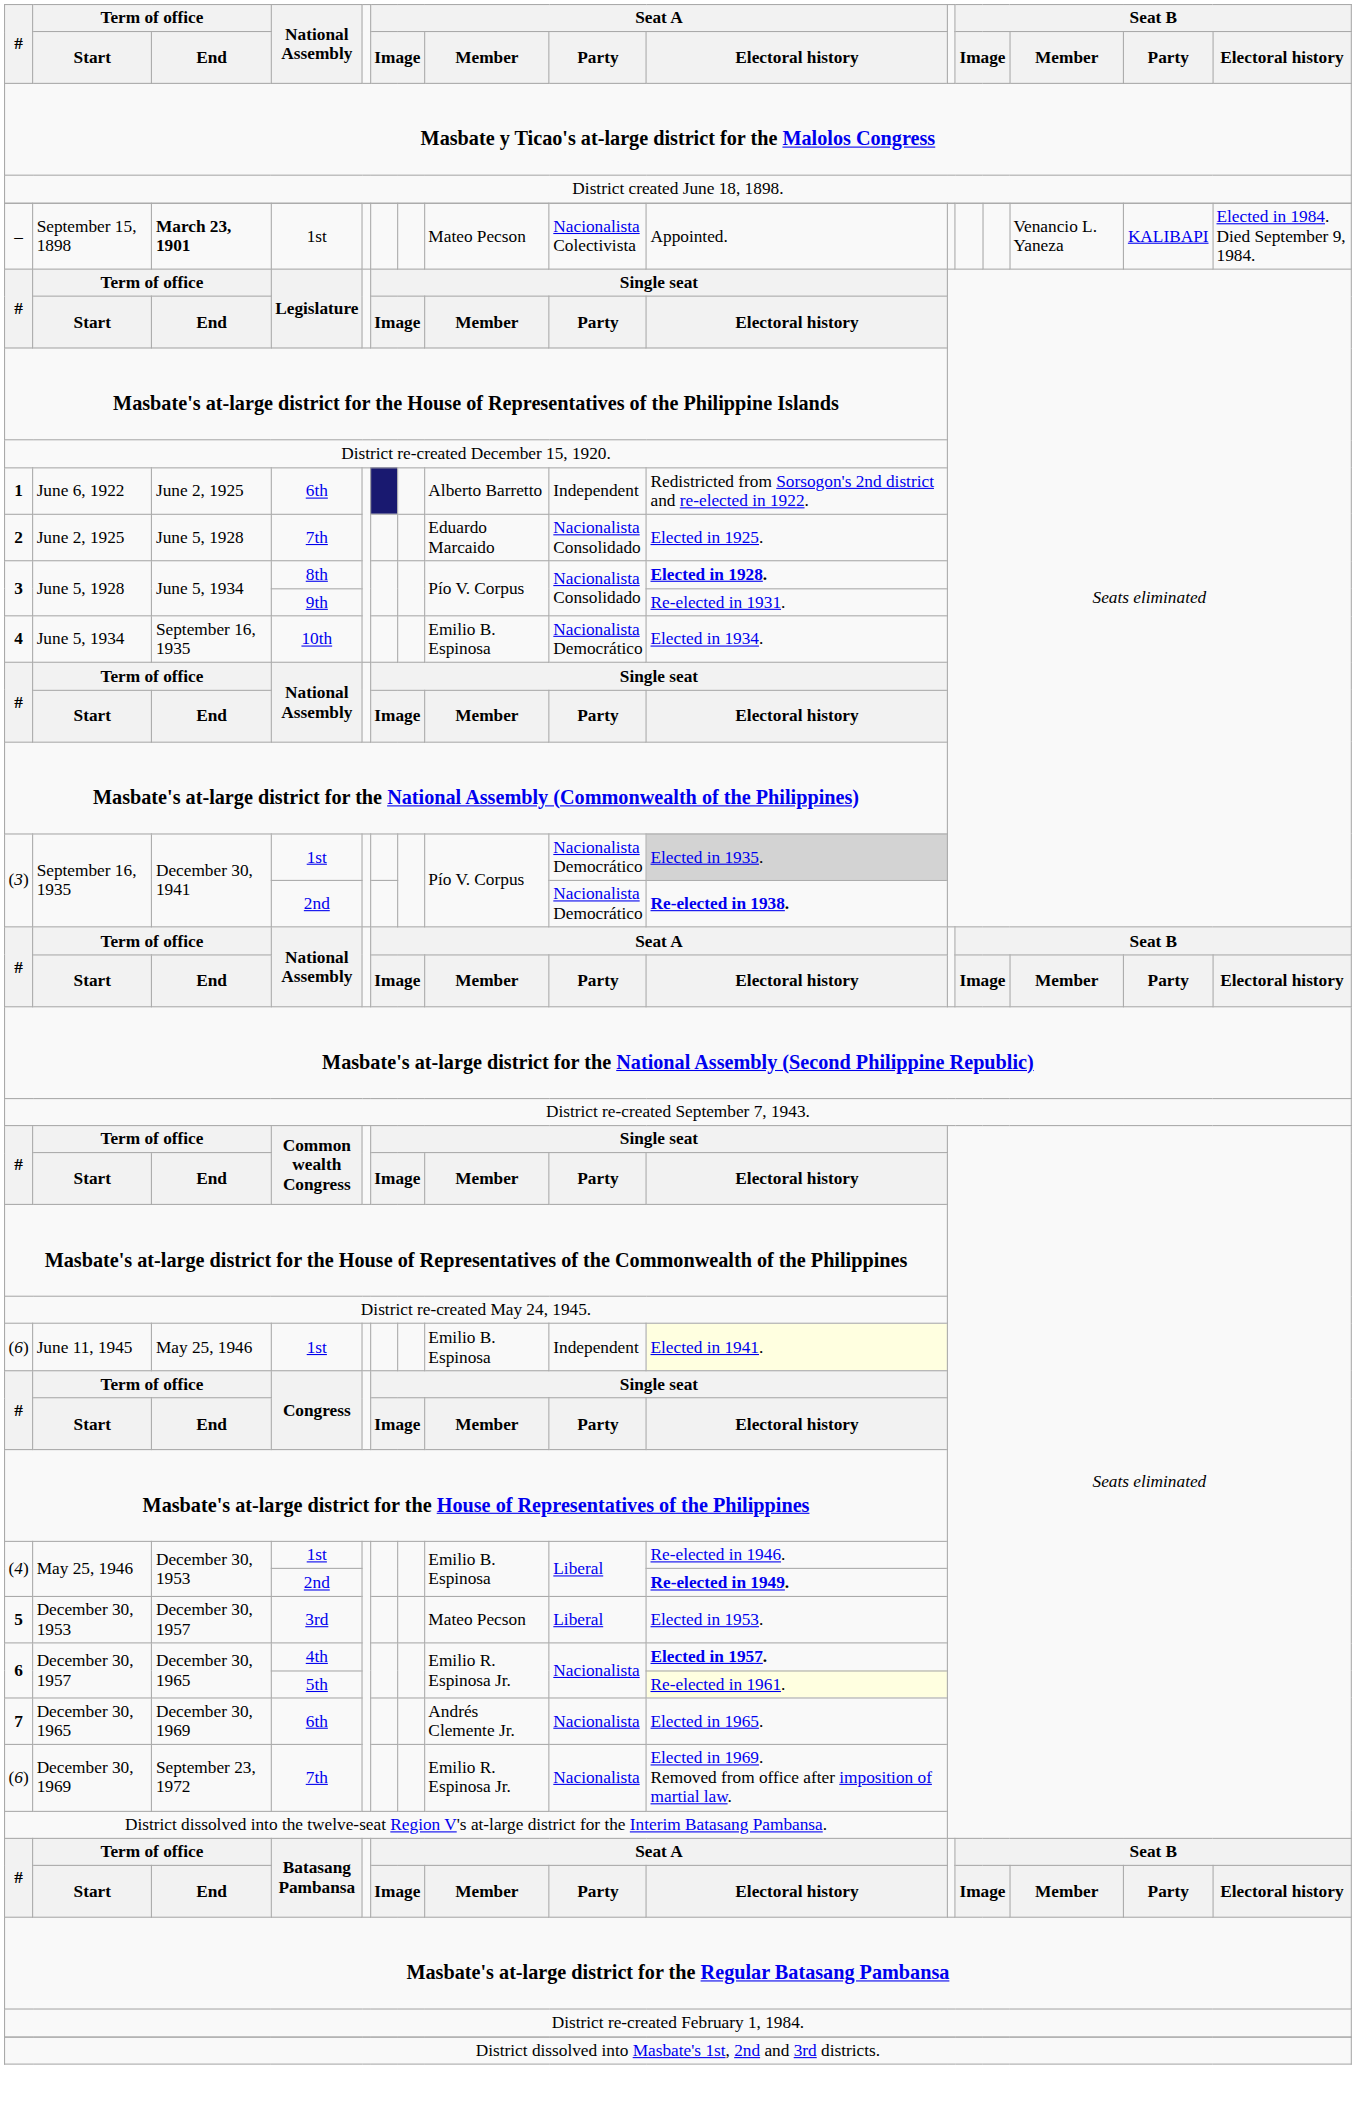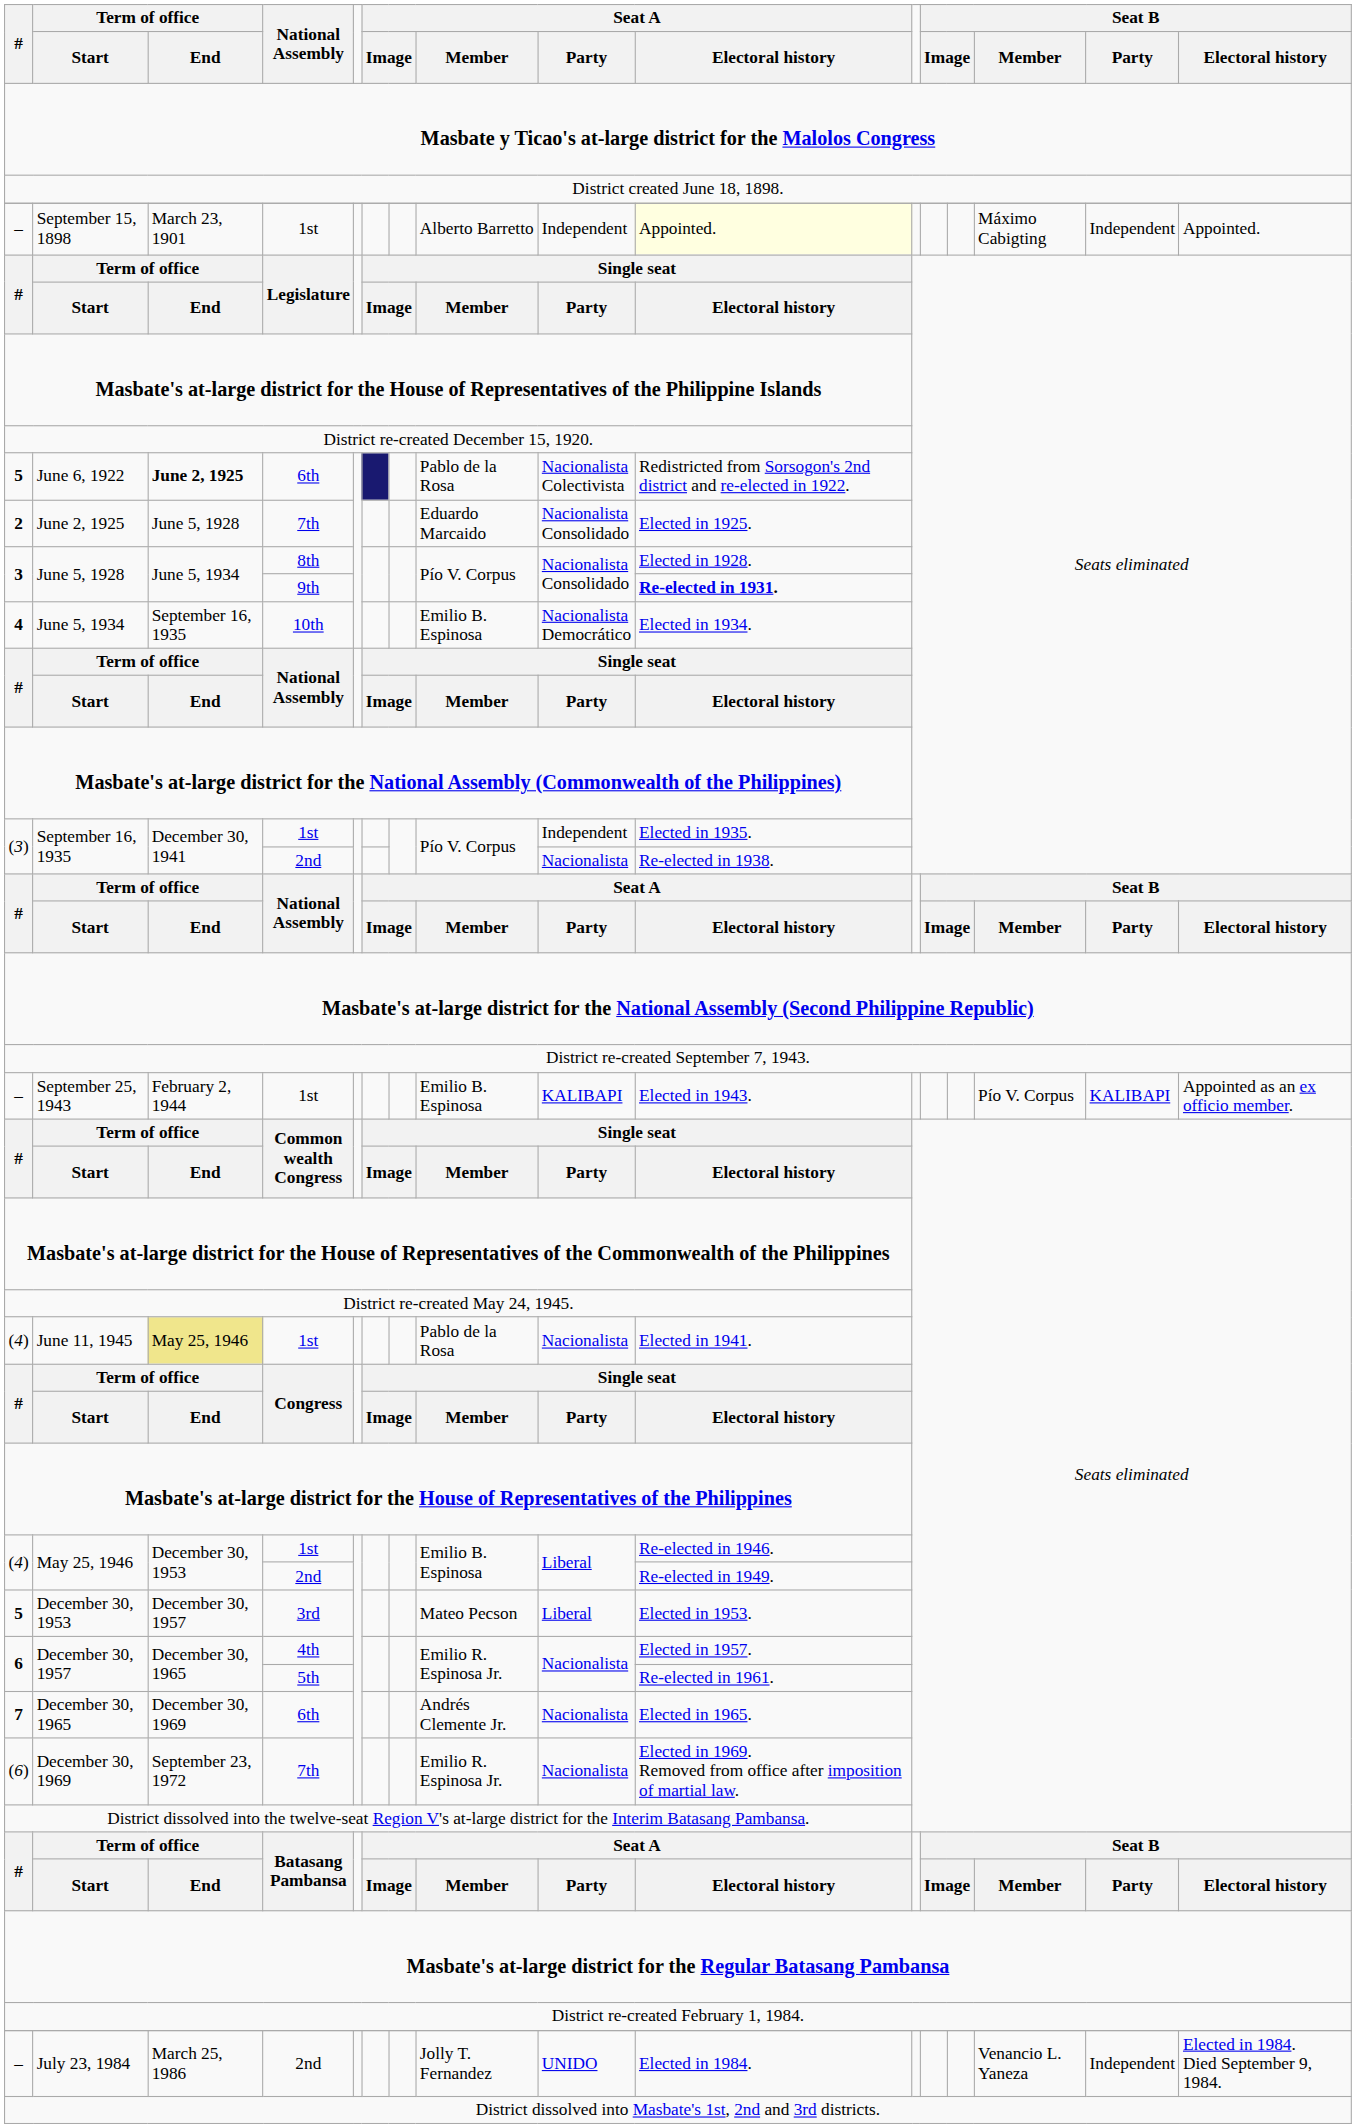 <table class=wikitable>
 <tr>
 <th rowspan=2>#</th>
 <th colspan=2>Term of office</th>
 <th rowspan=2>National<br>Assembly</th>
 <td rowspan=2></td>
 <th colspan=5>Seat A</th>
 <td rowspan=2></td>
 <th colspan=5>Seat B</th>
 </tr>
 <tr style="height:3em">
 <th>Start</th>
 <th>End</th>
 <th colspan="2" style="text-align:center;">Image</th>
 <th>Member</th>
 <th>Party</th>
 <th>Electoral history</th>
 <th colspan="2" style="text-align:center;">Image</th>
 <th>Member</th>
 <th>Party</th>
 <th>Electoral history</th>
 </tr>
 <tr>
 <td colspan="16" style="text-align:center;"><br><h3>Masbate y Ticao's at-large district for the <a href='#'>Malolos Congress</a></h3></td>
 </tr>
 <tr>
 <td colspan="16" style="text-align:center;">District created June 18, 1898.</td>
 </tr>
 <tr>
 </tr>
 <tr style="height:3em">
 <td style="text-align:center;">–</td>
 <td>September 15, 1898</td>
-<td><strong>March 23, 1901</strong></td>
+<td>March 23, 1901</td>
 <td style="text-align:center;">1st</td>
 <td></td>
 <td style="color:inherit;background:"></td>
 <td></td>
-<td>Mateo Pecson</td>
-<td><a href='#'>Nacionalista</a><br>Colectivista</td>
-<td>Appointed.</td>
+<td>Alberto Barretto</td>
+<td>Independent</td>
+<td style="background: lightyellow;">Appointed.</td>
 <td></td>
 <td style="color:inherit;background:"></td>
 <td></td>
-<td>Venancio L. Yaneza</td>
-<td><a href='#'>KALIBAPI</a></td>
-<td><a href='#'>Elected in 1984</a>.<br>Died September 9, 1984.</td>
+<td>Máximo Cabigting</td>
+<td>Independent</td>
+<td>Appointed.</td>
 </tr>
 <tr>
 <th rowspan=2>#</th>
 <th colspan=2>Term of office</th>
 <th rowspan=2>Legislature</th>
 <td rowspan=2></td>
 <th colspan=5>Single seat</th>
 <td rowspan=14 colspan=6 style="text-align:center;"><em>Seats eliminated</em></td>
 </tr>
 <tr style="height:3em">
 <th>Start</th>
 <th>End</th>
 <th colspan="2" style="text-align:center;">Image</th>
 <th>Member</th>
 <th>Party</th>
 <th>Electoral history</th>
 </tr>
 <tr>
 <td colspan="10" style="text-align:center;"><br><h3>Masbate's at-large district for the House of Representatives of the Philippine Islands</h3></td>
 </tr>
 <tr>
 <td colspan="10" style="text-align:center;">District re-created December 15, 1920.</td>
 </tr>
 <tr>
-<td style="text-align:center;"><strong>1</strong></td>
+<td style="text-align:center;"><strong>5</strong></td>
 <td>June 6, 1922</td>
-<td>June 2, 1925</td>
+<td><strong>June 2, 1925</strong></td>
 <td style="text-align:center;"><a href='#'>6th</a></td>
 <td rowspan=5></td>
 <td style="background-color:#191970"></td>
 <td></td>
-<td>Alberto Barretto</td>
-<td>Independent</td>
+<td>Pablo de la Rosa</td>
+<td><a href='#'>Nacionalista</a><br>Colectivista</td>
 <td>Redistricted  from <a href='#'>Sorsogon's 2nd district</a> and <a href='#'>re-elected in 1922</a>.</td>
 </tr>
 <tr>
 <td style="text-align:center;"><strong>2</strong></td>
 <td>June 2, 1925</td>
 <td>June 5, 1928</td>
 <td style="text-align:center;"><a href='#'>7th</a></td>
 <td style="color:inherit;background:"></td>
 <td></td>
 <td>Eduardo Marcaido</td>
 <td><a href='#'>Nacionalista</a><br>Consolidado</td>
 <td><a href='#'>Elected in 1925</a>.</td>
 </tr>
 <tr>
 <td rowspan="2" style="text-align:center;"><strong>3</strong></td>
 <td rowspan="2">June 5, 1928</td>
 <td rowspan="2">June 5, 1934</td>
 <td style="text-align:center;"><a href='#'>8th</a></td>
 <td rowspan="2" style="color:inherit;background:"></td>
 <td rowspan="2"></td>
 <td rowspan="2">Pío V. Corpus</td>
 <td rowspan="2"><a href='#'>Nacionalista</a><br>Consolidado</td>
-<td><strong><a href='#'>Elected in 1928</a>.</strong></td>
+<td><a href='#'>Elected in 1928</a>.</td>
 </tr>
 <tr>
 <td style="text-align:center;"><a href='#'>9th</a></td>
-<td><a href='#'>Re-elected in 1931</a>.</td>
+<td><strong><a href='#'>Re-elected in 1931</a>.</strong></td>
 </tr>
 <tr>
 <td style="text-align:center;"><strong>4</strong></td>
 <td>June 5, 1934</td>
 <td>September 16, 1935</td>
 <td style="text-align:center;"><a href='#'>10th</a></td>
 <td style="color:inherit;background:"></td>
 <td></td>
 <td>Emilio B. Espinosa</td>
 <td><a href='#'>Nacionalista</a><br>Democrático</td>
 <td><a href='#'>Elected in 1934</a>.</td>
 </tr>
 <tr>
 <th rowspan=2>#</th>
 <th colspan=2>Term of office</th>
 <th rowspan=2>National<br>Assembly</th>
 <td rowspan=2></td>
 <th colspan=5>Single seat</th>
 </tr>
 <tr style="height:3em">
 <th>Start</th>
 <th>End</th>
 <th colspan="2" style="text-align:center;">Image</th>
 <th>Member</th>
 <th>Party</th>
 <th>Electoral history</th>
 </tr>
 <tr>
 <td colspan="10" style="text-align:center;"><br><h3>Masbate's at-large district for the <a href='#'>National Assembly (Commonwealth of the Philippines)</a></h3></td>
 </tr>
 <tr>
 <td rowspan="2" style="text-align:center;">(<em>3</em>)</td>
 <td rowspan="2">September 16, 1935</td>
 <td rowspan="2">December 30, 1941</td>
 <td style="text-align:center;"><a href='#'>1st</a></td>
 <td rowspan=2></td>
 <td style="color:inherit;background:"></td>
 <td rowspan="2"></td>
 <td rowspan="2">Pío V. Corpus</td>
-<td><a href='#'>Nacionalista</a><br>Democrático</td>
-<td style="background: lightgrey;"><a href='#'>Elected in 1935</a>.</td>
+<td>Independent</td>
+<td><a href='#'>Elected in 1935</a>.</td>
 </tr>
 <tr>
 <td style="text-align:center;"><a href='#'>2nd</a></td>
 <td style="color:inherit;background:"></td>
-<td><a href='#'>Nacionalista</a><br>Democrático</td>
-<td><strong><a href='#'>Re-elected in 1938</a>.</strong></td>
+<td><a href='#'>Nacionalista</a></td>
+<td><a href='#'>Re-elected in 1938</a>.</td>
 </tr>
 <tr>
 <th rowspan=2>#</th>
 <th colspan=2>Term of office</th>
 <th rowspan=2>National<br>Assembly</th>
 <td rowspan=2></td>
 <th colspan=5>Seat A</th>
 <td rowspan=2></td>
 <th colspan=5>Seat B</th>
 </tr>
 <tr style="height:3em">
 <th>Start</th>
 <th>End</th>
 <th colspan="2" style="text-align:center;">Image</th>
 <th>Member</th>
 <th>Party</th>
 <th>Electoral history</th>
 <th colspan="2" style="text-align:center;">Image</th>
 <th>Member</th>
 <th>Party</th>
 <th>Electoral history</th>
 </tr>
 <tr>
 <td colspan="16" style="text-align:center;"><br><h3>Masbate's at-large district for the <a href='#'>National Assembly (Second Philippine Republic)</a></h3></td>
 </tr>
 <tr>
 <td colspan="16" style="text-align:center;">District re-created September 7, 1943.</td>
 </tr>
 <tr>
+<td style="text-align:center;">–</td>
+<td>September 25, 1943</td>
+<td>February 2, 1944</td>
+<td style="text-align:center;">1st</td>
+<td></td>
+<td style="color:inherit;background:"></td>
+<td></td>
+<td>Emilio B. Espinosa</td>
+<td><a href='#'>KALIBAPI</a></td>
+<td><a href='#'>Elected in 1943</a>.</td>
+<td></td>
+<td style="color:inherit;background:"></td>
+<td></td>
+<td>Pío V. Corpus</td>
+<td><a href='#'>KALIBAPI</a></td>
+<td>Appointed as an <a href='#'>ex officio member</a>.</td>
+</tr>
+<tr>
 <th rowspan=2>#</th>
 <th colspan=2>Term of office</th>
 <th rowspan=2>Common<br>wealth<br>Congress</th>
 <td rowspan=2></td>
 <th colspan=5>Single seat</th>
 <td rowspan=16 colspan=6 style="text-align:center;"><em>Seats eliminated</em></td>
 </tr>
 <tr style="height:3em">
 <th>Start</th>
 <th>End</th>
 <th colspan="2" style="text-align:center;">Image</th>
 <th>Member</th>
 <th>Party</th>
 <th>Electoral history</th>
 </tr>
 <tr>
 <td colspan="10" style="text-align:center;"><br><h3>Masbate's at-large district for the House of Representatives of the Commonwealth of the Philippines</h3></td>
 </tr>
 <tr>
 <td colspan="10" style="text-align:center;">District re-created May 24, 1945.</td>
 </tr>
 <tr>
-<td style="text-align:center;">(<em>6</em>)</td>
+<td style="text-align:center;">(<em>4</em>)</td>
 <td>June 11, 1945</td>
-<td>May 25, 1946</td>
+<td style="background: khaki;">May 25, 1946</td>
 <td style="text-align:center;"><a href='#'>1st</a></td>
 <td></td>
 <td style="color:inherit;background:"></td>
 <td></td>
-<td>Emilio B. Espinosa</td>
-<td>Independent</td>
-<td style="background: lightyellow;"><a href='#'>Elected in 1941</a>.</td>
+<td>Pablo de la Rosa</td>
+<td><a href='#'>Nacionalista</a></td>
+<td><a href='#'>Elected in 1941</a>.</td>
 </tr>
 <tr>
 <th rowspan=2>#</th>
 <th colspan=2>Term of office</th>
 <th rowspan=2>Congress</th>
 <td rowspan=2></td>
 <th colspan=5>Single seat</th>
 </tr>
 <tr style="height:3em">
 <th>Start</th>
 <th>End</th>
 <th colspan="2" style="text-align:center;">Image</th>
 <th>Member</th>
 <th>Party</th>
 <th>Electoral history</th>
 </tr>
 <tr>
 <td colspan="10" style="text-align:center;"><br><h3>Masbate's at-large district for the <a href='#'>House of Representatives of the Philippines</a></h3></td>
 </tr>
 <tr>
 <td rowspan="2" style="text-align:center;">(<em>4</em>)</td>
 <td rowspan="2">May 25, 1946</td>
 <td rowspan="2">December 30, 1953</td>
 <td style="text-align:center;"><a href='#'>1st</a></td>
 <td rowspan=7></td>
 <td rowspan="2" style="color:inherit;background:"></td>
 <td rowspan="2"></td>
 <td rowspan="2">Emilio B. Espinosa</td>
 <td rowspan="2"><a href='#'>Liberal</a></td>
 <td><a href='#'>Re-elected in 1946</a>.</td>
 </tr>
 <tr>
 <td style="text-align:center;"><a href='#'>2nd</a></td>
-<td><strong><a href='#'>Re-elected in 1949</a>.</strong></td>
+<td><a href='#'>Re-elected in 1949</a>.</td>
 </tr>
 <tr>
 <td style="text-align:center;"><strong>5</strong></td>
 <td>December 30, 1953</td>
 <td>December 30, 1957</td>
 <td style="text-align:center;"><a href='#'>3rd</a></td>
 <td style="color:inherit;background:"></td>
 <td></td>
 <td>Mateo Pecson</td>
 <td><a href='#'>Liberal</a></td>
 <td><a href='#'>Elected in 1953</a>.</td>
 </tr>
 <tr>
 <td rowspan="2" style="text-align:center;"><strong>6</strong></td>
 <td rowspan="2">December 30, 1957</td>
 <td rowspan="2">December 30, 1965</td>
 <td style="text-align:center;"><a href='#'>4th</a></td>
 <td rowspan="2" style="color:inherit;background:"></td>
 <td rowspan="2"></td>
 <td rowspan="2">Emilio R. Espinosa Jr.</td>
 <td rowspan="2"><a href='#'>Nacionalista</a></td>
-<td><strong><a href='#'>Elected in 1957</a>.</strong></td>
+<td><a href='#'>Elected in 1957</a>.</td>
 </tr>
 <tr>
 <td style="text-align:center;"><a href='#'>5th</a></td>
-<td style="background: lightyellow;"><a href='#'>Re-elected in 1961</a>.</td>
+<td><a href='#'>Re-elected in 1961</a>.</td>
 </tr>
 <tr>
 <td style="text-align:center;"><strong>7</strong></td>
 <td>December 30, 1965</td>
 <td>December 30, 1969</td>
 <td style="text-align:center;"><a href='#'>6th</a></td>
 <td style="color:inherit;background:"></td>
 <td></td>
 <td>Andrés Clemente Jr.</td>
 <td><a href='#'>Nacionalista</a></td>
 <td><a href='#'>Elected in 1965</a>.</td>
 </tr>
 <tr>
 <td style="text-align:center;">(<em>6</em>)</td>
 <td>December 30, 1969</td>
 <td>September 23, 1972</td>
 <td style="text-align:center;"><a href='#'>7th</a></td>
 <td style="color:inherit;background:"></td>
 <td></td>
 <td>Emilio R. Espinosa Jr.</td>
 <td><a href='#'>Nacionalista</a></td>
 <td><a href='#'>Elected in 1969</a>.<br>Removed from office after <a href='#'>imposition of martial law</a>.</td>
 </tr>
 <tr>
 <td colspan="10" style="text-align:center;">District dissolved into the twelve-seat <a href='#'>Region V</a>'s at-large district for the <a href='#'>Interim Batasang Pambansa</a>.</td>
 </tr>
 <tr>
 <th rowspan=2>#</th>
 <th colspan=2>Term of office</th>
 <th rowspan=2>Batasang<br>Pambansa</th>
 <td rowspan=2></td>
 <th colspan=5>Seat A</th>
 <td rowspan=2></td>
 <th colspan=5>Seat B</th>
 </tr>
 <tr style="height:3em">
 <th>Start</th>
 <th>End</th>
 <th colspan="2" style="text-align:center;">Image</th>
 <th>Member</th>
 <th>Party</th>
 <th>Electoral history</th>
 <th colspan="2" style="text-align:center;">Image</th>
 <th>Member</th>
 <th>Party</th>
 <th>Electoral history</th>
 </tr>
 <tr>
 <td colspan="16" style="text-align:center;"><br><h3>Masbate's at-large district for the <a href='#'>Regular Batasang Pambansa</a></h3></td>
 </tr>
 <tr>
 <td colspan="16" style="text-align:center;">District re-created February 1, 1984.</td>
 </tr>
 <tr>
 </tr>
+<tr style="height:3em">
+<td style="text-align:center;">–</td>
+<td>July 23, 1984</td>
+<td>March 25, 1986</td>
+<td style="text-align:center;">2nd</td>
+<td></td>
+<td style="color:inherit;background:"></td>
+<td></td>
+<td>Jolly T. Fernandez</td>
+<td><a href='#'>UNIDO</a></td>
+<td><a href='#'>Elected in 1984</a>.</td>
+<td></td>
+<td style="color:inherit;background:"></td>
+<td></td>
+<td>Venancio L. Yaneza</td>
+<td>Independent</td>
+<td><a href='#'>Elected in 1984</a>.<br>Died September 9, 1984.</td>
+</tr>
 <tr>
 <td colspan="16" style="text-align:center;">District dissolved into <a href='#'>Masbate's 1st</a>, <a href='#'>2nd</a> and <a href='#'>3rd</a> districts.</td>
 </tr>
 </table>
